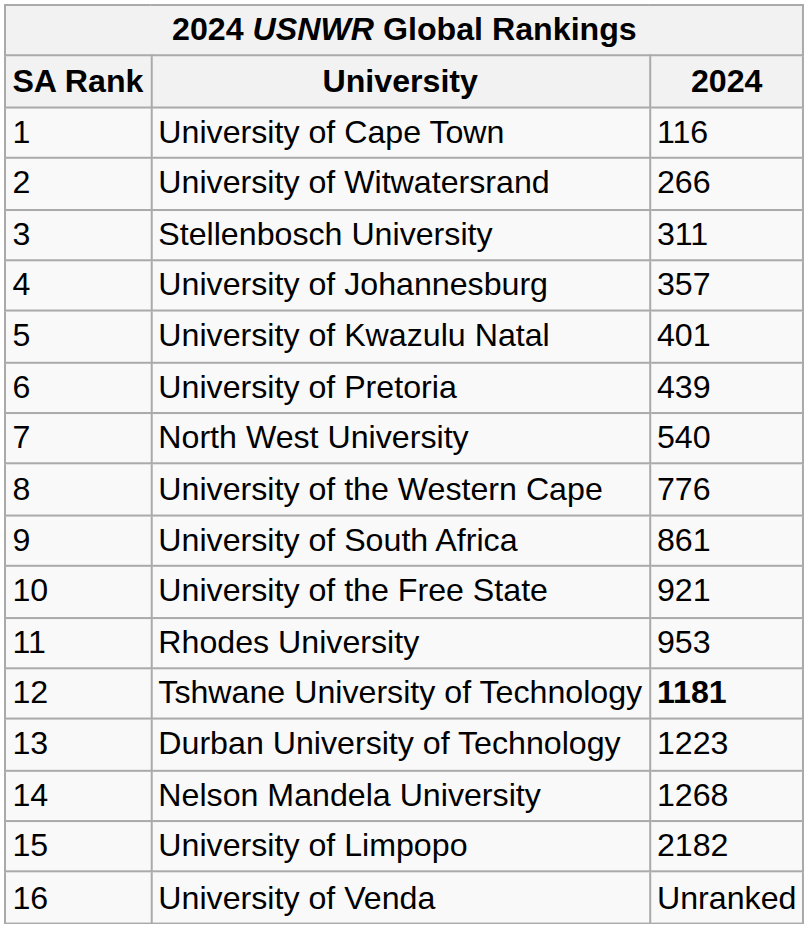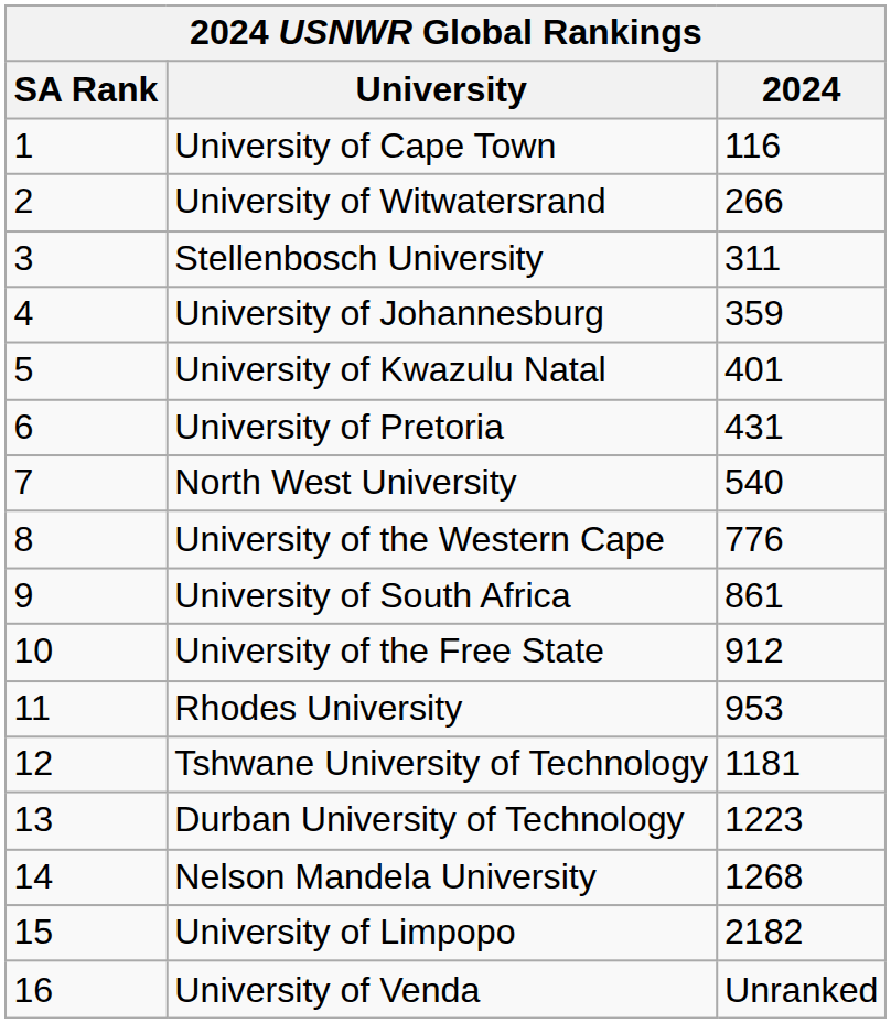 <table class="wikitable sortable" style="text-align: centre;">
 <tr>
 <th colspan="3">2024 <em>USNWR</em> Global‌ Rankings</th>
 </tr>
 <tr>
 <th>SA Rank</th>
 <th>University</th>
 <th>2024</th>
 </tr>
 <tr>
 <td>1</td>
 <td>University of Cape Town</td>
 <td>116</td>
 </tr>
 <tr>
 <td>2</td>
 <td>University of Witwatersrand</td>
 <td>266</td>
 </tr>
 <tr>
 <td>3</td>
 <td>Stellenbosch University</td>
 <td>311</td>
 </tr>
 <tr>
 <td>4</td>
 <td>University of Johannesburg</td>
-<td>357</td>
+<td>359</td>
 </tr>
 <tr>
 <td>5</td>
 <td>University of Kwazulu Natal</td>
 <td>401</td>
 </tr>
 <tr>
 <td>6</td>
 <td>University of Pretoria</td>
-<td>439</td>
+<td>431</td>
 </tr>
 <tr>
 <td>7</td>
 <td>North West University</td>
 <td>540</td>
 </tr>
 <tr>
 <td>8</td>
 <td>University of the Western Cape</td>
 <td>776</td>
 </tr>
 <tr>
 <td>9</td>
 <td>University of South Africa</td>
 <td>861</td>
 </tr>
 <tr>
 <td>10</td>
 <td>University of the Free State</td>
-<td>921</td>
+<td>912</td>
 </tr>
 <tr>
 <td>11</td>
 <td>Rhodes University</td>
 <td>953</td>
 </tr>
 <tr>
 <td>12</td>
 <td>Tshwane University of Technology</td>
-<td><strong>1181</strong></td>
+<td>1181</td>
 </tr>
 <tr>
 <td>13</td>
 <td>Durban University of Technology</td>
 <td>1223</td>
 </tr>
 <tr>
 <td>14</td>
 <td>Nelson Mandela University</td>
 <td>1268</td>
 </tr>
 <tr>
 <td>15</td>
 <td>University of Limpopo</td>
 <td>2182</td>
 </tr>
 <tr>
 <td>16</td>
 <td>University of Venda</td>
 <td>Unranked</td>
 </tr>
 </table>
